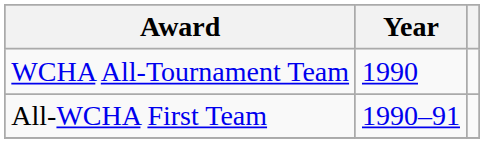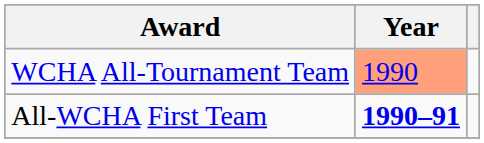 <table class="wikitable">
 <tr>
 <th>Award</th>
 <th>Year</th>
 <th></th>
 </tr>
 <tr>
 <td><a href='#'>WCHA</a> <a href='#'>All-Tournament Team</a></td>
-<td><a href='#'>1990</a></td>
+<td style="background: lightsalmon;"><a href='#'>1990</a></td>
 <td></td>
 </tr>
 <tr>
 <td>All-<a href='#'>WCHA</a> <a href='#'>First Team</a></td>
-<td><a href='#'>1990–91</a></td>
+<td><strong><a href='#'>1990–91</a></strong></td>
 <td></td>
 </tr>
 <tr>
 </tr>
 </table>
